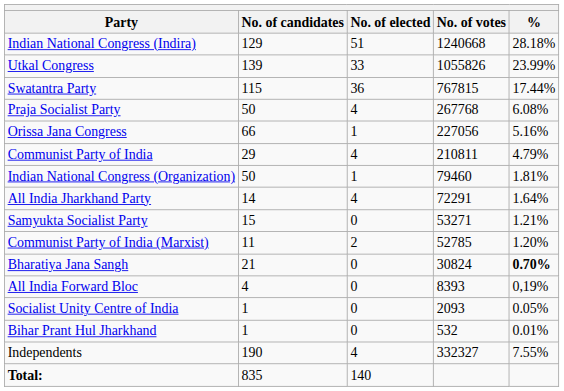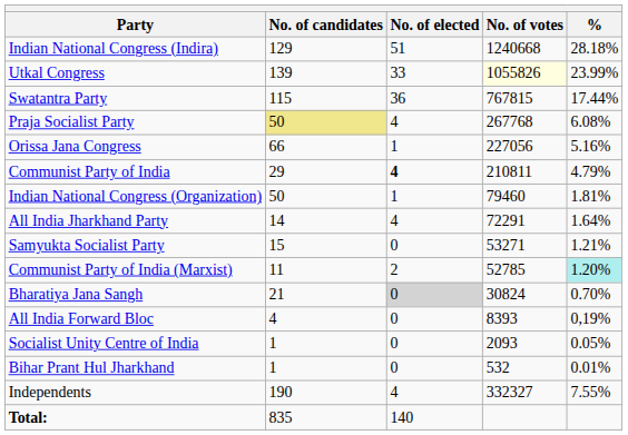 <table class="wikitable sortable">
 <tr>
 <th colspan=10></th>
 </tr>
 <tr>
 <th>Party</th>
 <th>No. of candidates</th>
 <th>No. of elected</th>
 <th>No. of votes</th>
 <th>%</th>
 </tr>
 <tr>
 <td><a href='#'>Indian National Congress (Indira)</a></td>
 <td>129</td>
 <td>51</td>
 <td>1240668</td>
 <td>28.18%</td>
 </tr>
 <tr>
 <td><a href='#'>Utkal Congress</a></td>
 <td>139</td>
 <td>33</td>
-<td>1055826</td>
+<td style="background: lightyellow;">1055826</td>
 <td>23.99%</td>
 </tr>
 <tr>
 <td><a href='#'>Swatantra Party</a></td>
 <td>115</td>
 <td>36</td>
 <td>767815</td>
 <td>17.44%</td>
 </tr>
 <tr>
 <td><a href='#'>Praja Socialist Party</a></td>
-<td>50</td>
+<td style="background: khaki;">50</td>
 <td>4</td>
 <td>267768</td>
 <td>6.08%</td>
 </tr>
 <tr>
 <td><a href='#'>Orissa Jana Congress</a></td>
 <td>66</td>
 <td>1</td>
 <td>227056</td>
 <td>5.16%</td>
 </tr>
 <tr>
 <td><a href='#'>Communist Party of India</a></td>
 <td>29</td>
-<td>4</td>
+<td><strong>4</strong></td>
 <td>210811</td>
 <td>4.79%</td>
 </tr>
 <tr>
 <td><a href='#'>Indian National Congress (Organization)</a></td>
 <td>50</td>
 <td>1</td>
 <td>79460</td>
 <td>1.81%</td>
 </tr>
 <tr>
 <td><a href='#'>All India Jharkhand Party</a></td>
 <td>14</td>
 <td>4</td>
 <td>72291</td>
 <td>1.64%</td>
 </tr>
 <tr>
 <td><a href='#'>Samyukta Socialist Party</a></td>
 <td>15</td>
 <td>0</td>
 <td>53271</td>
 <td>1.21%</td>
 </tr>
 <tr>
 <td><a href='#'>Communist Party of India (Marxist)</a></td>
 <td>11</td>
 <td>2</td>
 <td>52785</td>
-<td>1.20%</td>
+<td style="background: paleturquoise;">1.20%</td>
 </tr>
 <tr>
 <td><a href='#'>Bharatiya Jana Sangh</a></td>
 <td>21</td>
-<td>0</td>
+<td style="background: lightgrey;">0</td>
 <td>30824</td>
-<td><strong>0.70%</strong></td>
+<td>0.70%</td>
 </tr>
 <tr>
 <td><a href='#'>All India Forward Bloc</a></td>
 <td>4</td>
 <td>0</td>
 <td>8393</td>
 <td>0,19%</td>
 </tr>
 <tr>
 <td><a href='#'>Socialist Unity Centre of India</a></td>
 <td>1</td>
 <td>0</td>
 <td>2093</td>
 <td>0.05%</td>
 </tr>
 <tr>
 <td><a href='#'>Bihar Prant Hul Jharkhand</a></td>
 <td>1</td>
 <td>0</td>
 <td>532</td>
 <td>0.01%</td>
 </tr>
 <tr>
 <td>Independents</td>
 <td>190</td>
 <td>4</td>
 <td>332327</td>
 <td>7.55%</td>
 </tr>
 <tr>
 <td><strong>Total:</strong></td>
 <td>835</td>
 <td>140</td>
 <td></td>
 <td></td>
 </tr>
 </table>
